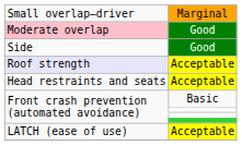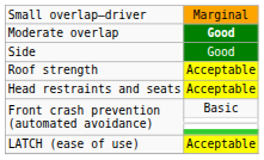 <table class="wikitable">
 <tr>
 <td>Small overlap–driver</td>
 <td colspan="2" style="background: orange" align="center">Marginal</td>
 </tr>
 <tr>
-<td style="background: pink;">Moderate overlap</td>
-<td colspan="1" style="background: green; color: white" align="center">Good</td>
+<td>Moderate overlap</td>
+<td colspan="1" style="background: green; color: white" align="center"><strong>Good</strong></td>
 </tr>
 <tr>
 <td>Side</td>
 <td colspan="2" style="background: green; color: white" align="center">Good</td>
 </tr>
 <tr>
-<td style="background: lavender;">Roof strength</td>
+<td>Roof strength</td>
 <td colspan="2" style="background: yellow" align="center">Acceptable</td>
 </tr>
 <tr>
 <td>Head restraints and seats</td>
 <td colspan="2" style="background: yellow" align="center">Acceptable</td>
 </tr>
 <tr>
 <td rowspan="4">Front crash prevention<br>(automated avoidance)</td>
 <td style="border-bottom: 1px solid lightgray" align="center">Basic</td>
 </tr>
 <tr>
 <td style="background: white; border-bottom: 2px solid lightgray"></td>
 </tr>
 <tr>
 <td style="background: white; border-bottom: 1px solid Limegreen"></td>
 </tr>
 <tr>
 <td style="background: Limegreen"></td>
 </tr>
 <tr>
 <td>LATCH (ease of use)</td>
 <td colspan="2" style="background: yellow" align="center">Acceptable</td>
 </tr>
 <tr>
 </tr>
 </table>
